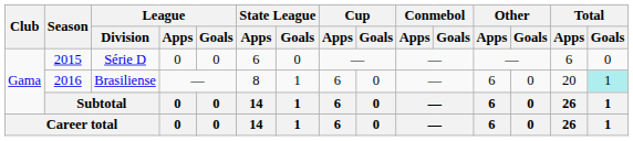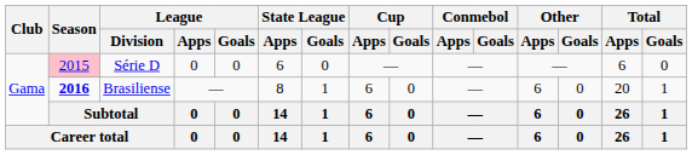 <table class="wikitable" style="text-align: center;">
 <tr>
 <th rowspan="2">Club</th>
 <th rowspan="2">Season</th>
 <th colspan="3">League</th>
 <th colspan="2">State League</th>
 <th colspan="2">Cup</th>
 <th colspan="2">Conmebol</th>
 <th colspan="2">Other</th>
 <th colspan="2">Total</th>
 </tr>
 <tr>
 <th>Division</th>
 <th>Apps</th>
 <th>Goals</th>
 <th>Apps</th>
 <th>Goals</th>
 <th>Apps</th>
 <th>Goals</th>
 <th>Apps</th>
 <th>Goals</th>
 <th>Apps</th>
 <th>Goals</th>
 <th>Apps</th>
 <th>Goals</th>
 </tr>
 <tr>
 <td rowspan=3 valign="center"><a href='#'>Gama</a></td>
-<td><a href='#'>2015</a></td>
+<td style="background: pink;"><a href='#'>2015</a></td>
 <td><a href='#'>Série D</a></td>
 <td>0</td>
 <td>0</td>
 <td>6</td>
 <td>0</td>
 <td colspan="2">—</td>
 <td colspan="2">—</td>
 <td colspan="2">—</td>
 <td>6</td>
 <td>0</td>
 </tr>
 <tr>
-<td><a href='#'>2016</a></td>
+<td><strong><a href='#'>2016</a></strong></td>
 <td><a href='#'>Brasiliense</a></td>
 <td colspan="2">—</td>
 <td>8</td>
 <td>1</td>
 <td>6</td>
 <td>0</td>
 <td colspan="2">—</td>
 <td>6</td>
 <td>0</td>
 <td>20</td>
-<td style="background: paleturquoise;">1</td>
+<td>1</td>
 </tr>
 <tr>
 <th colspan="2">Subtotal</th>
 <th>0</th>
 <th>0</th>
 <th>14</th>
 <th>1</th>
 <th>6</th>
 <th>0</th>
 <th colspan="2">—</th>
 <th>6</th>
 <th>0</th>
 <th>26</th>
 <th>1</th>
 </tr>
 <tr>
 <th colspan="3"><strong>Career total</strong></th>
 <th>0</th>
 <th>0</th>
 <th>14</th>
 <th>1</th>
 <th>6</th>
 <th>0</th>
 <th colspan="2">—</th>
 <th>6</th>
 <th>0</th>
 <th>26</th>
 <th>1</th>
 </tr>
 </table>
